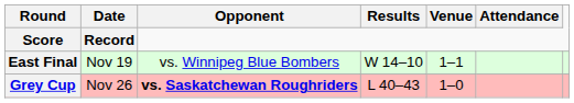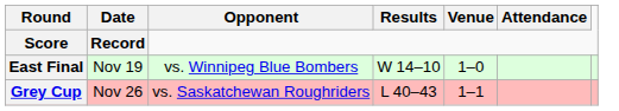 <table class="wikitable" style="text-align:center">
 <tr>
 <th>Round</th>
 <th>Date</th>
 <th>Opponent</th>
 <th>Results</th>
 <th>Venue</th>
 <th>Attendance</th>
 </tr>
 <tr>
 <th>Score</th>
 <th>Record</th>
 </tr>
 <tr style="background:#ddffdd">
 <th>East Final</th>
 <td>Nov 19</td>
 <td>vs. <a href='#'>Winnipeg Blue Bombers</a></td>
 <td>W 14–10</td>
-<td>1–1</td>
+<td>1–0</td>
 <td></td>
 <td></td>
 </tr>
 <tr style="background:#ffbbbb">
 <th><a href='#'>Grey Cup</a></th>
 <td>Nov 26</td>
-<td><strong>vs. <a href='#'>Saskatchewan Roughriders</a></strong></td>
+<td>vs. <a href='#'>Saskatchewan Roughriders</a></td>
 <td>L 40–43</td>
-<td>1–0</td>
+<td>1–1</td>
 <td></td>
 <td></td>
 </tr>
 </table>
